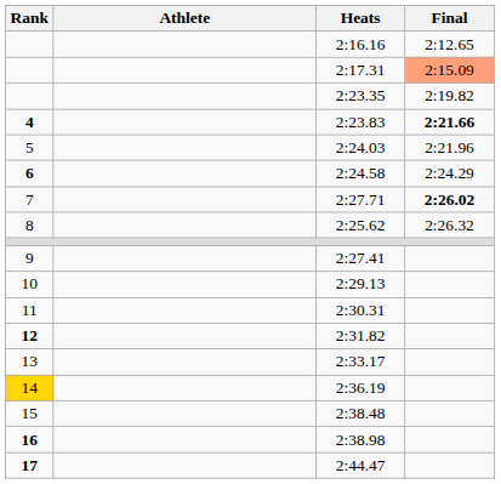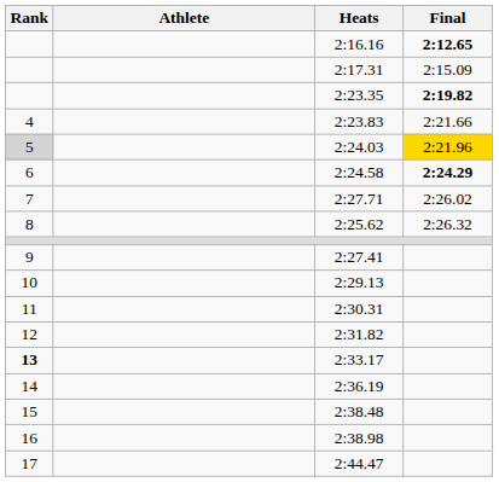 <table class=wikitable style="text-align:center">
 <tr>
 <th width=40>Rank</th>
 <th width=250>Athlete</th>
 <th width=80>Heats</th>
 <th width=80>Final</th>
 </tr>
 <tr>
 <td></td>
 <td align=left></td>
 <td>2:16.16</td>
-<td>2:12.65</td>
+<td><strong>2:12.65</strong></td>
 </tr>
 <tr>
 <td></td>
 <td align=left></td>
 <td>2:17.31</td>
-<td style="background: lightsalmon;">2:15.09</td>
+<td>2:15.09</td>
 </tr>
 <tr>
 <td></td>
 <td align=left></td>
 <td>2:23.35</td>
-<td>2:19.82</td>
+<td><strong>2:19.82</strong></td>
 </tr>
 <tr>
-<td><strong>4</strong></td>
+<td>4</td>
 <td align=left></td>
 <td>2:23.83</td>
-<td><strong>2:21.66</strong></td>
+<td>2:21.66</td>
 </tr>
 <tr>
-<td>5</td>
+<td style="background: lightgrey;">5</td>
 <td align=left></td>
 <td>2:24.03</td>
-<td>2:21.96</td>
+<td style="background: gold;">2:21.96</td>
 </tr>
 <tr>
-<td><strong>6</strong></td>
+<td>6</td>
 <td align=left></td>
 <td>2:24.58</td>
-<td>2:24.29</td>
+<td><strong>2:24.29</strong></td>
 </tr>
 <tr>
 <td>7</td>
 <td align=left></td>
 <td>2:27.71</td>
-<td><strong>2:26.02</strong></td>
+<td>2:26.02</td>
 </tr>
 <tr>
 <td>8</td>
 <td align=left></td>
 <td>2:25.62</td>
 <td>2:26.32</td>
 </tr>
 <tr bgcolor=#DDDDDD>
 <td colspan=4></td>
 </tr>
 <tr>
 <td>9</td>
 <td align=left></td>
 <td>2:27.41</td>
 <td></td>
 </tr>
 <tr>
 <td>10</td>
 <td align=left></td>
 <td>2:29.13</td>
 <td></td>
 </tr>
 <tr>
 <td>11</td>
 <td align=left></td>
 <td>2:30.31</td>
 <td></td>
 </tr>
 <tr>
-<td><strong>12</strong></td>
+<td>12</td>
 <td align=left></td>
 <td>2:31.82</td>
 <td></td>
 </tr>
 <tr>
-<td>13</td>
+<td><strong>13</strong></td>
 <td align=left></td>
 <td>2:33.17</td>
 <td></td>
 </tr>
 <tr>
-<td style="background: gold;">14</td>
+<td>14</td>
 <td align=left></td>
 <td>2:36.19</td>
 <td></td>
 </tr>
 <tr>
 <td>15</td>
 <td align=left></td>
 <td>2:38.48</td>
 <td></td>
 </tr>
 <tr>
-<td><strong>16</strong></td>
+<td>16</td>
 <td align=left></td>
 <td>2:38.98</td>
 <td></td>
 </tr>
 <tr>
-<td><strong>17</strong></td>
+<td>17</td>
 <td align=left></td>
 <td>2:44.47</td>
 <td></td>
 </tr>
 </table>
